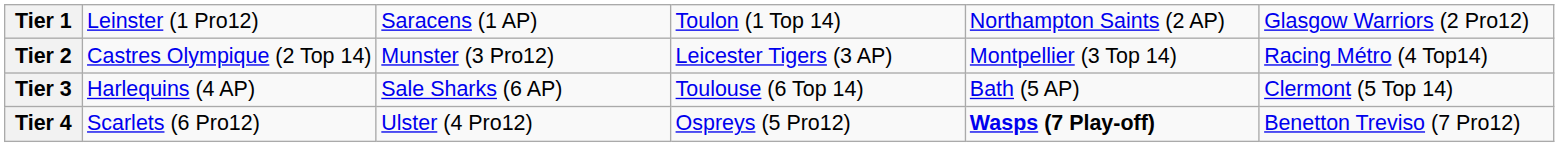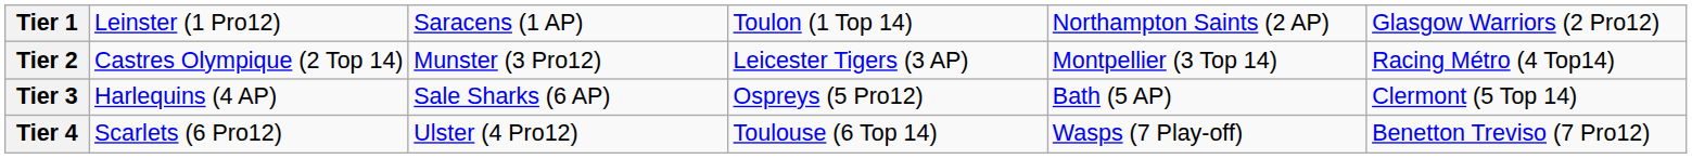 <table class="wikitable">
 <tr>
 <th width=5%>Tier 1</th>
 <td width=19%> <a href='#'>Leinster</a> (1 Pro12)</td>
 <td width=19%> <a href='#'>Saracens</a> (1 AP)</td>
 <td width=19%> <a href='#'>Toulon</a> (1 Top 14)</td>
 <td width=19%> <a href='#'>Northampton Saints</a> (2 AP)</td>
 <td width=19%> <a href='#'>Glasgow Warriors</a> (2 Pro12)</td>
 </tr>
 <tr>
 <th width=5%>Tier 2</th>
 <td width=19%> <a href='#'>Castres Olympique</a> (2 Top 14)</td>
 <td width=19%> <a href='#'>Munster</a> (3 Pro12)</td>
 <td width=19%> <a href='#'>Leicester Tigers</a> (3 AP)</td>
 <td width=19%> <a href='#'>Montpellier</a> (3 Top 14)</td>
 <td width=19%> <a href='#'>Racing Métro</a> (4 Top14)</td>
 </tr>
 <tr>
 <th width=5%>Tier 3</th>
 <td width=19%> <a href='#'>Harlequins</a> (4 AP)</td>
 <td width=19%> <a href='#'>Sale Sharks</a> (6 AP)</td>
-<td width=19%> <a href='#'>Toulouse</a> (6 Top 14)</td>
+<td width=19%> <a href='#'>Ospreys</a> (5 Pro12)</td>
 <td width=19%> <a href='#'>Bath</a> (5 AP)</td>
 <td width=19%> <a href='#'>Clermont</a> (5 Top 14)</td>
 </tr>
 <tr>
 <th width=5%>Tier 4</th>
 <td width=19%> <a href='#'>Scarlets</a> (6 Pro12)</td>
 <td width=19%> <a href='#'>Ulster</a> (4 Pro12)</td>
-<td width=19%> <a href='#'>Ospreys</a> (5 Pro12)</td>
-<td width=19%><strong> <a href='#'>Wasps</a> (7 Play-off)</strong></td>
+<td width=19%> <a href='#'>Toulouse</a> (6 Top 14)</td>
+<td width=19%> <a href='#'>Wasps</a> (7 Play-off)</td>
 <td width=19%> <a href='#'>Benetton Treviso</a> (7 Pro12)</td>
 </tr>
 </table>
